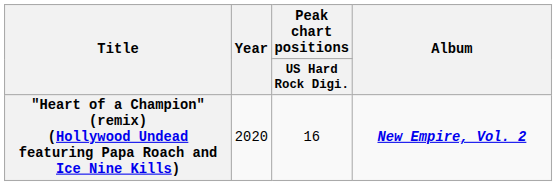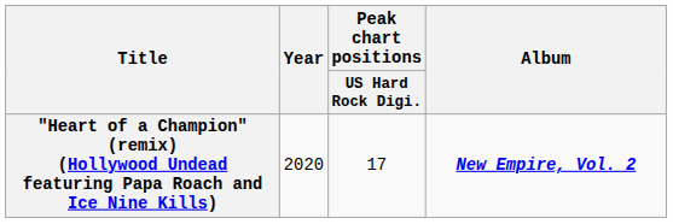 <table class="wikitable plainrowheaders" style="text-align:center;">
 <tr>
 <th scope="col" rowspan="2" style="width:16em;">Title</th>
 <th scope="col" rowspan="2" style="width:1em;">Year</th>
 <th scope="col" colspan="1">Peak chart positions</th>
 <th scope="col" rowspan="2" style="width:14em;">Album</th>
 </tr>
 <tr>
 <th scope="col" style="width:3em;font-size:90%;">US Hard Rock Digi.</th>
 </tr>
 <tr>
 <th scope="row">"Heart of a Champion" (remix)<br><span>(<a href='#'>Hollywood Undead</a> featuring Papa Roach and <a href='#'>Ice Nine Kills</a>)</span></th>
 <td>2020</td>
-<td>16</td>
+<td>17</td>
 <td><strong><em><a href='#'>New Empire, Vol. 2</a></em></strong></td>
 </tr>
 </table>
